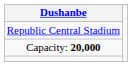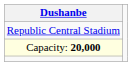 <table class="wikitable" style="text-align:center">
 <tr>
 <th><a href='#'>Dushanbe</a></th>
 <td rowspan=4></td>
 </tr>
 <tr>
 <td><a href='#'>Republic Central Stadium</a></td>
 </tr>
 <tr>
-<td>Capacity: <strong>20,000</strong></td>
+<td style="background: lightyellow;">Capacity: <strong>20,000</strong></td>
 </tr>
 <tr>
 <td></td>
 </tr>
 </table>
